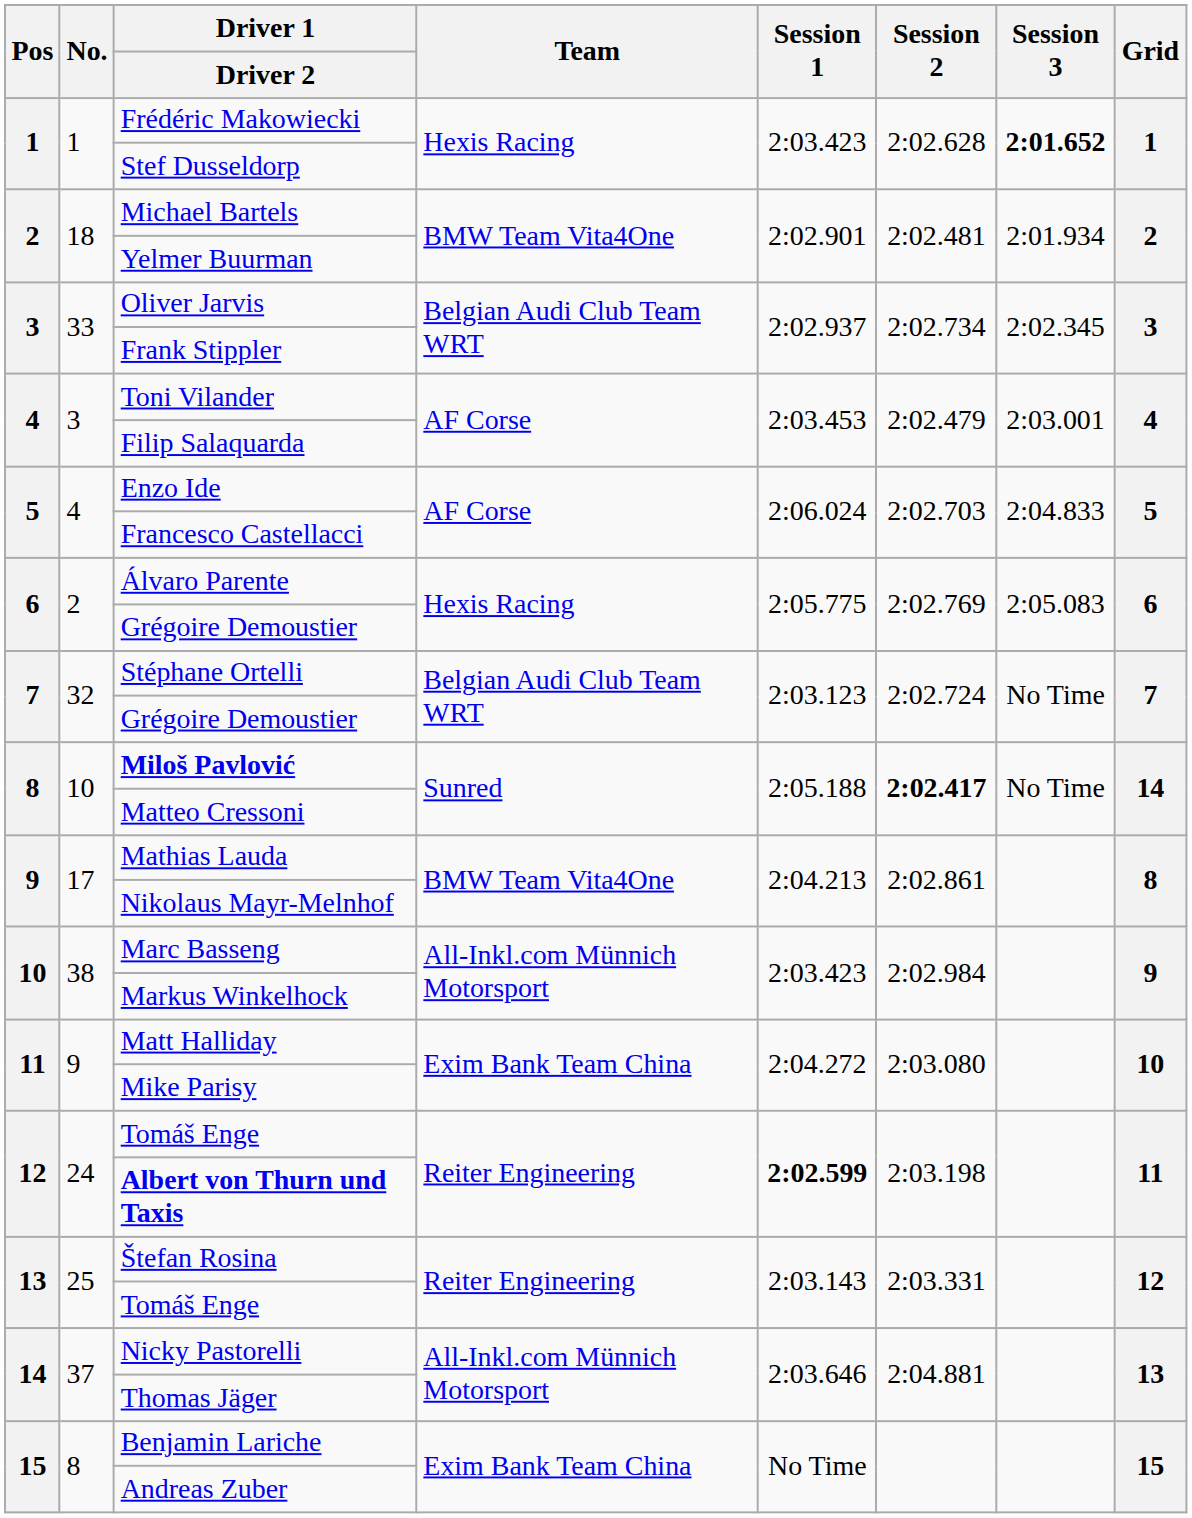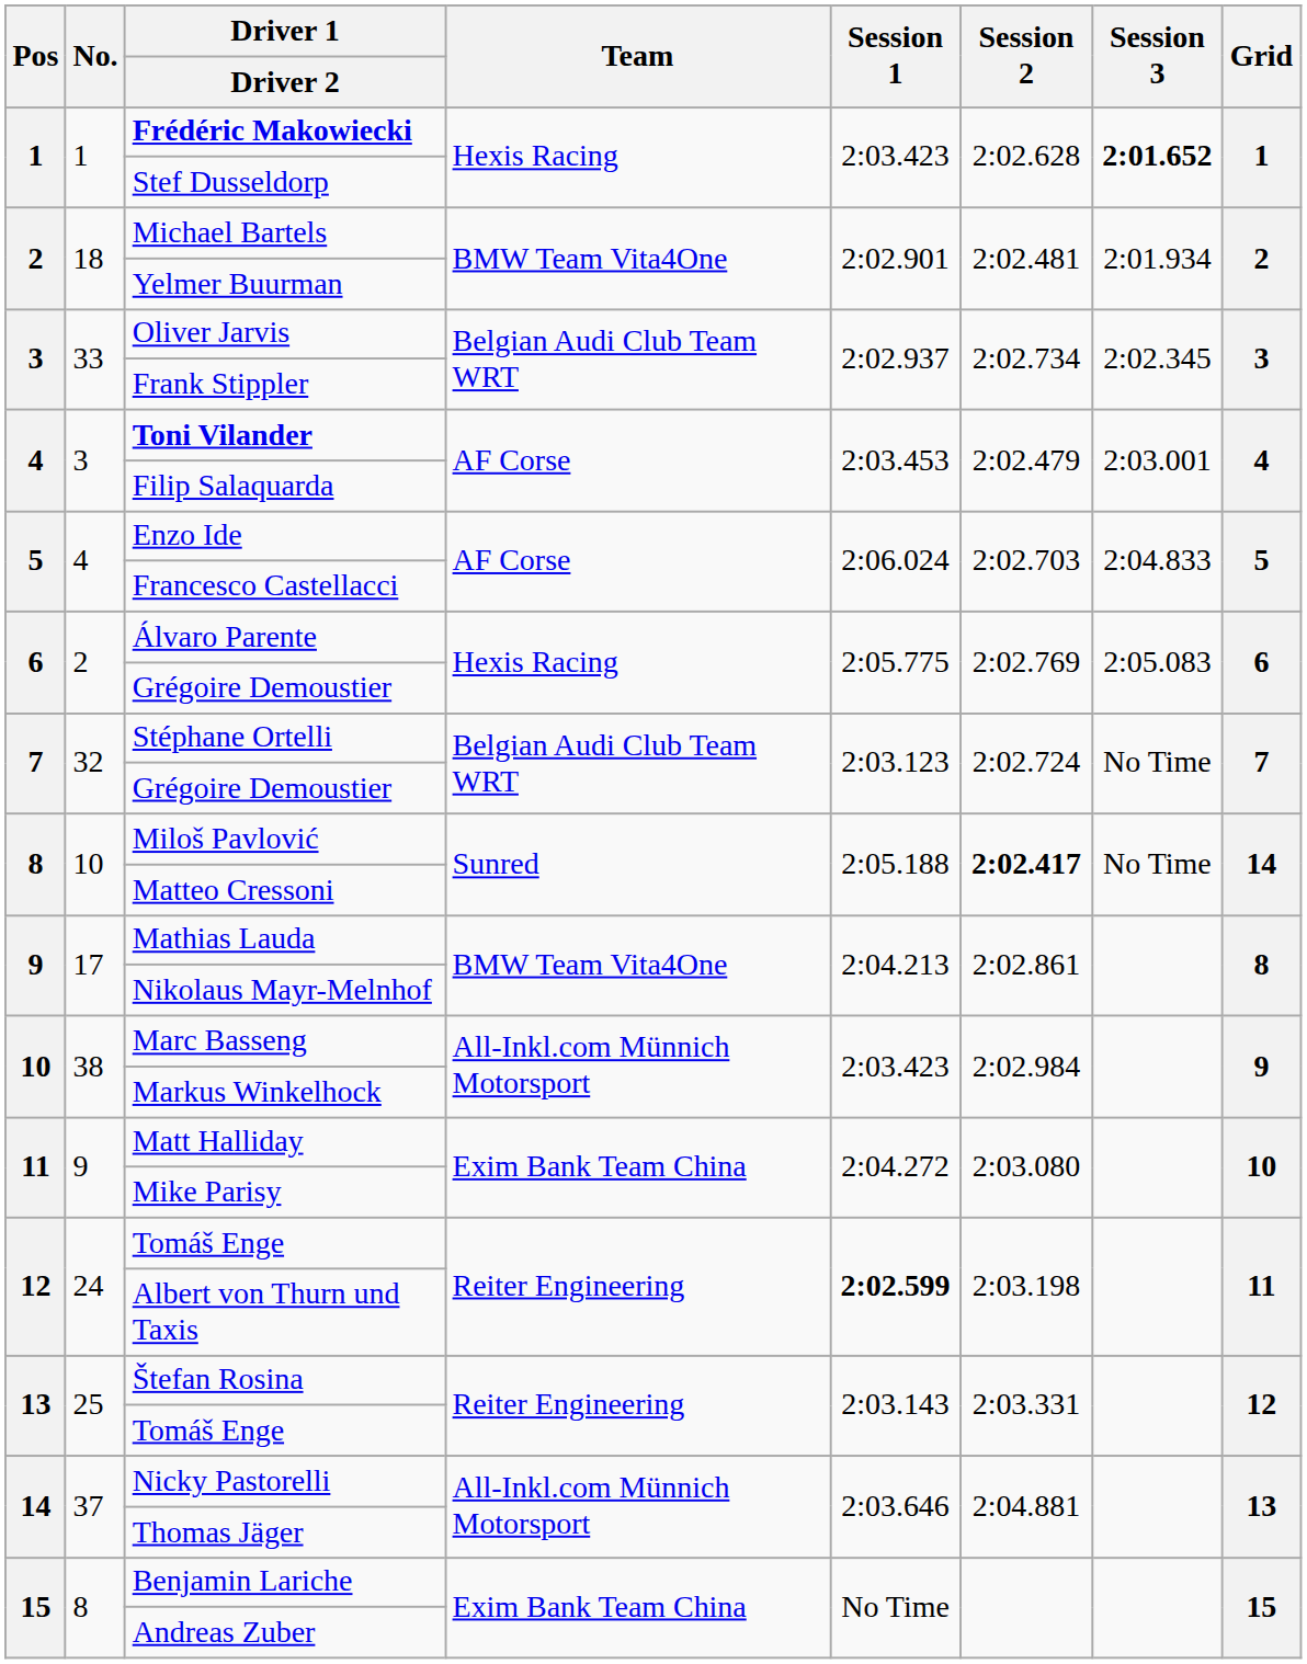 <table class="wikitable" style="font-size: 90%;">
 <tr>
 <th rowspan=2>Pos</th>
 <th rowspan=2>No.</th>
 <th>Driver 1</th>
 <th rowspan=2>Team</th>
 <th rowspan=2>Session 1</th>
 <th rowspan=2>Session 2</th>
 <th rowspan=2>Session 3</th>
 <th rowspan=2>Grid</th>
 </tr>
 <tr>
 <th>Driver 2</th>
 </tr>
 <tr>
 <th rowspan=2>1</th>
 <td rowspan=2>1</td>
-<td> <a href='#'>Frédéric Makowiecki</a></td>
+<td><strong> <a href='#'>Frédéric Makowiecki</a></strong></td>
 <td rowspan=2> <a href='#'>Hexis Racing</a></td>
 <td rowspan=2 align="center">2:03.423</td>
 <td rowspan=2 align="center">2:02.628</td>
 <td rowspan=2 align="center"><strong>2:01.652</strong></td>
 <th rowspan=2>1</th>
 </tr>
 <tr>
 <td> <a href='#'>Stef Dusseldorp</a></td>
 </tr>
 <tr>
 <th rowspan=2>2</th>
 <td rowspan=2>18</td>
 <td> <a href='#'>Michael Bartels</a></td>
 <td rowspan=2> <a href='#'>BMW Team Vita4One</a></td>
 <td rowspan=2 align="center">2:02.901</td>
 <td rowspan=2 align="center">2:02.481</td>
 <td rowspan=2 align="center">2:01.934</td>
 <th rowspan=2>2</th>
 </tr>
 <tr>
 <td> <a href='#'>Yelmer Buurman</a></td>
 </tr>
 <tr>
 <th rowspan=2>3</th>
 <td rowspan=2>33</td>
 <td> <a href='#'>Oliver Jarvis</a></td>
 <td rowspan=2> <a href='#'>Belgian Audi Club Team WRT</a></td>
 <td rowspan=2 align="center">2:02.937</td>
 <td rowspan=2 align="center">2:02.734</td>
 <td rowspan=2 align="center">2:02.345</td>
 <th rowspan=2>3</th>
 </tr>
 <tr>
 <td> <a href='#'>Frank Stippler</a></td>
 </tr>
 <tr>
 <th rowspan=2>4</th>
 <td rowspan=2>3</td>
-<td> <a href='#'>Toni Vilander</a></td>
+<td><strong> <a href='#'>Toni Vilander</a></strong></td>
 <td rowspan=2> <a href='#'>AF Corse</a></td>
 <td rowspan=2 align="center">2:03.453</td>
 <td rowspan=2 align="center">2:02.479</td>
 <td rowspan=2 align="center">2:03.001</td>
 <th rowspan=2>4</th>
 </tr>
 <tr>
 <td> <a href='#'>Filip Salaquarda</a></td>
 </tr>
 <tr>
 <th rowspan=2>5</th>
 <td rowspan=2>4</td>
 <td> <a href='#'>Enzo Ide</a></td>
 <td rowspan=2> <a href='#'>AF Corse</a></td>
 <td rowspan=2 align="center">2:06.024</td>
 <td rowspan=2 align="center">2:02.703</td>
 <td rowspan=2 align="center">2:04.833</td>
 <th rowspan=2>5</th>
 </tr>
 <tr>
 <td> <a href='#'>Francesco Castellacci</a></td>
 </tr>
 <tr>
 <th rowspan=2>6</th>
 <td rowspan=2>2</td>
 <td> <a href='#'>Álvaro Parente</a></td>
 <td rowspan=2> <a href='#'>Hexis Racing</a></td>
 <td rowspan=2 align="center">2:05.775</td>
 <td rowspan=2 align="center">2:02.769</td>
 <td rowspan=2 align="center">2:05.083</td>
 <th rowspan=2>6</th>
 </tr>
 <tr>
 <td> <a href='#'>Grégoire Demoustier</a></td>
 </tr>
 <tr>
 <th rowspan=2>7</th>
 <td rowspan=2>32</td>
 <td> <a href='#'>Stéphane Ortelli</a></td>
 <td rowspan=2> <a href='#'>Belgian Audi Club Team WRT</a></td>
 <td rowspan=2 align="center">2:03.123</td>
 <td rowspan=2 align="center">2:02.724</td>
 <td rowspan=2 align="center">No Time</td>
 <th rowspan=2>7</th>
 </tr>
 <tr>
 <td> <a href='#'>Grégoire Demoustier</a></td>
 </tr>
 <tr>
 <th rowspan=2>8</th>
 <td rowspan=2>10</td>
-<td><strong> <a href='#'>Miloš Pavlović</a></strong></td>
+<td> <a href='#'>Miloš Pavlović</a></td>
 <td rowspan=2> <a href='#'>Sunred</a></td>
 <td rowspan=2 align="center">2:05.188</td>
 <td rowspan=2 align="center"><strong>2:02.417</strong></td>
 <td rowspan=2 align="center">No Time</td>
 <th rowspan=2>14</th>
 </tr>
 <tr>
 <td> <a href='#'>Matteo Cressoni</a></td>
 </tr>
 <tr>
 <th rowspan=2>9</th>
 <td rowspan=2>17</td>
 <td> <a href='#'>Mathias Lauda</a></td>
 <td rowspan=2> <a href='#'>BMW Team Vita4One</a></td>
 <td rowspan=2 align="center">2:04.213</td>
 <td rowspan=2 align="center">2:02.861</td>
 <td rowspan=2 align="center"></td>
 <th rowspan=2>8</th>
 </tr>
 <tr>
 <td> <a href='#'>Nikolaus Mayr-Melnhof</a></td>
 </tr>
 <tr>
 <th rowspan=2>10</th>
 <td rowspan=2>38</td>
 <td> <a href='#'>Marc Basseng</a></td>
 <td rowspan=2> <a href='#'>All-Inkl.com Münnich Motorsport</a></td>
 <td rowspan=2 align="center">2:03.423</td>
 <td rowspan=2 align="center">2:02.984</td>
 <td rowspan=2 align="center"></td>
 <th rowspan=2>9</th>
 </tr>
 <tr>
 <td> <a href='#'>Markus Winkelhock</a></td>
 </tr>
 <tr>
 <th rowspan=2>11</th>
 <td rowspan=2>9</td>
 <td> <a href='#'>Matt Halliday</a></td>
 <td rowspan=2> <a href='#'>Exim Bank Team China</a></td>
 <td rowspan=2 align="center">2:04.272</td>
 <td rowspan=2 align="center">2:03.080</td>
 <td rowspan=2 align="center"></td>
 <th rowspan=2>10</th>
 </tr>
 <tr>
 <td> <a href='#'>Mike Parisy</a></td>
 </tr>
 <tr>
 <th rowspan=2>12</th>
 <td rowspan=2>24</td>
 <td> <a href='#'>Tomáš Enge</a></td>
 <td rowspan=2> <a href='#'>Reiter Engineering</a></td>
 <td rowspan=2 align="center"><strong>2:02.599</strong></td>
 <td rowspan=2 align="center">2:03.198</td>
 <td rowspan=2 align="center"></td>
 <th rowspan=2>11</th>
 </tr>
 <tr>
-<td><strong> <a href='#'>Albert von Thurn und Taxis</a></strong></td>
+<td> <a href='#'>Albert von Thurn und Taxis</a></td>
 </tr>
 <tr>
 <th rowspan=2>13</th>
 <td rowspan=2>25</td>
 <td> <a href='#'>Štefan Rosina</a></td>
 <td rowspan=2> <a href='#'>Reiter Engineering</a></td>
 <td rowspan=2 align="center">2:03.143</td>
 <td rowspan=2 align="center">2:03.331</td>
 <td rowspan=2 align="center"></td>
 <th rowspan=2>12</th>
 </tr>
 <tr>
 <td> <a href='#'>Tomáš Enge</a></td>
 </tr>
 <tr>
 <th rowspan=2>14</th>
 <td rowspan=2>37</td>
 <td> <a href='#'>Nicky Pastorelli</a></td>
 <td rowspan=2> <a href='#'>All-Inkl.com Münnich Motorsport</a></td>
 <td rowspan=2 align="center">2:03.646</td>
 <td rowspan=2 align="center">2:04.881</td>
 <td rowspan=2 align="center"></td>
 <th rowspan=2>13</th>
 </tr>
 <tr>
 <td> <a href='#'>Thomas Jäger</a></td>
 </tr>
 <tr>
 <th rowspan=2>15</th>
 <td rowspan=2>8</td>
 <td> <a href='#'>Benjamin Lariche</a></td>
 <td rowspan=2> <a href='#'>Exim Bank Team China</a></td>
 <td rowspan=2 align="center">No Time</td>
 <td rowspan=2 align="center"></td>
 <td rowspan=2 align="center"></td>
 <th rowspan=2>15</th>
 </tr>
 <tr>
 <td> <a href='#'>Andreas Zuber</a></td>
 </tr>
 </table>
